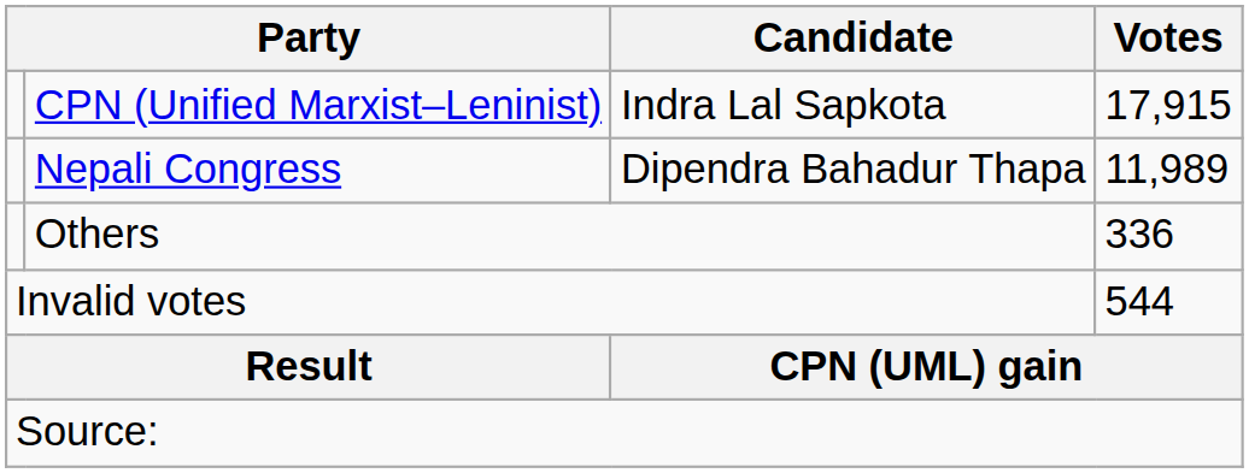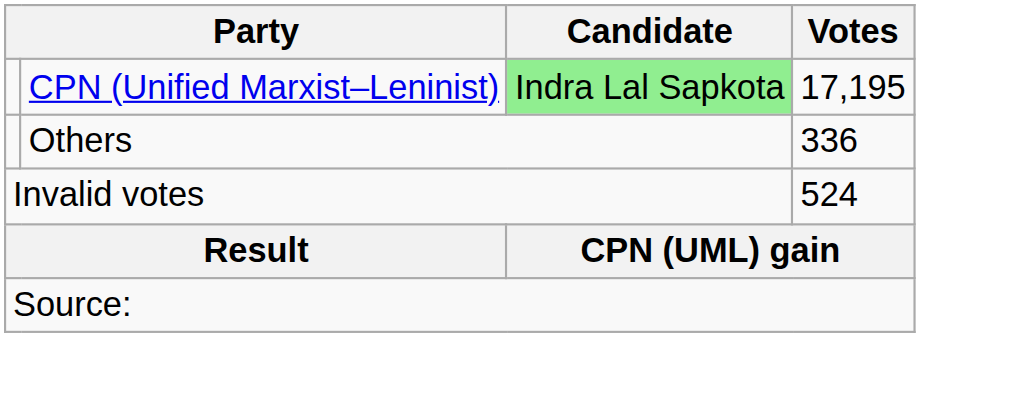 <table class="wikitable">
 <tr>
 <th colspan="2">Party</th>
 <th>Candidate</th>
 <th>Votes</th>
 </tr>
 <tr>
 <td style="background-color:"></td>
 <td><a href='#'>CPN (Unified Marxist–Leninist)</a></td>
-<td>Indra Lal Sapkota</td>
-<td>17,915</td>
-</tr>
-<tr>
-<td style="background-color:"></td>
-<td><a href='#'>Nepali Congress</a></td>
-<td>Dipendra Bahadur Thapa</td>
-<td>11,989</td>
+<td style="background: lightgreen;">Indra Lal Sapkota</td>
+<td>17,195</td>
 </tr>
 <tr>
 <td></td>
 <td colspan="2">Others</td>
 <td>336</td>
 </tr>
 <tr>
 <td colspan="3">Invalid votes</td>
-<td>544</td>
+<td>524</td>
 </tr>
 <tr>
 <th colspan="2">Result</th>
 <th colspan="2">CPN (UML) gain</th>
 </tr>
 <tr>
 <td colspan="4">Source: </td>
 </tr>
 </table>
